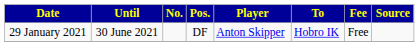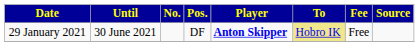 <table class="wikitable sortable" style="text-align:center;width:90%;">
 <tr>
 <th scope="col" style="background:#000099;color:#FFFF00">Date</th>
 <th scope="col" style="background:#000099;color:#FFFF00">Until</th>
 <th scope="col" style="background:#000099;color:#FFFF00">No.</th>
 <th scope="col" style="background:#000099;color:#FFFF00">Pos.</th>
 <th scope="col" style="background:#000099;color:#FFFF00">Player</th>
 <th scope="col" style="background:#000099;color:#FFFF00">To</th>
 <th scope="col" style="background:#000099;color:#FFFF00" data-sort-type="currency">Fee</th>
 <th scope="col" class="unsortable" style="background:#000099;color:#FFFF00">Source</th>
 </tr>
 <tr>
 <td>29 January 2021</td>
 <td>30 June 2021</td>
 <td></td>
 <td>DF</td>
-<td align=left> <a href='#'>Anton Skipper</a></td>
-<td align=left> <a href='#'>Hobro IK</a></td>
+<td align=left><strong> <a href='#'>Anton Skipper</a></strong></td>
+<td align=left style="background: khaki;"> <a href='#'>Hobro IK</a></td>
 <td>Free</td>
 <td></td>
 </tr>
 <tr>
 </tr>
 </table>
